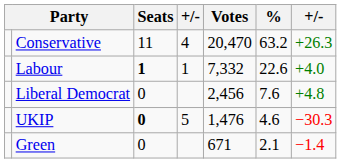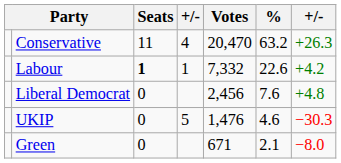 <table class="wikitable">
 <tr>
 <th colspan="2">Party</th>
 <th>Seats</th>
 <th>+/-</th>
 <th>Votes</th>
 <th>%</th>
 <th>+/-</th>
 </tr>
 <tr>
 <td style="background-color: "></td>
 <td><a href='#'>Conservative</a></td>
 <td>11</td>
 <td> 4</td>
 <td>20,470</td>
 <td>63.2</td>
 <td style="color:green">+26.3</td>
 </tr>
 <tr>
 <td style="background-color: "></td>
 <td><a href='#'>Labour</a></td>
 <td><strong>1</strong></td>
 <td> 1</td>
 <td>7,332</td>
 <td>22.6</td>
-<td style="color:green">+4.0</td>
+<td style="color:green">+4.2</td>
 </tr>
 <tr>
 <td style="background-color: "></td>
 <td><a href='#'>Liberal Democrat</a></td>
 <td>0</td>
 <td></td>
 <td>2,456</td>
 <td>7.6</td>
 <td style="color:green">+4.8</td>
 </tr>
 <tr>
 <td style="background-color:"></td>
 <td><a href='#'>UKIP</a></td>
-<td><strong>0</strong></td>
+<td>0</td>
 <td> 5</td>
 <td>1,476</td>
 <td>4.6</td>
 <td style="color:red">−30.3</td>
 </tr>
 <tr>
 <td style="background-color: "></td>
 <td><a href='#'>Green</a></td>
 <td>0</td>
 <td></td>
 <td>671</td>
 <td>2.1</td>
-<td style="color:red">−1.4</td>
+<td style="color:red">−8.0</td>
 </tr>
 </table>
